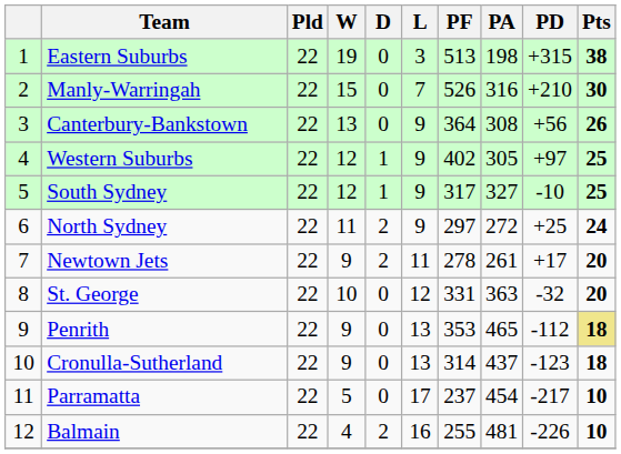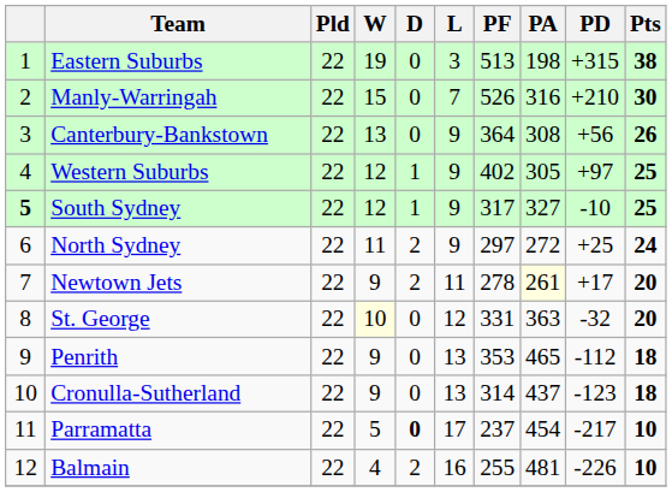 <table class="wikitable" style="text-align:center;">
 <tr>
 <th width=20 abbr="Position×"></th>
 <th width=175>Team</th>
 <th width=20 abbr="Played">Pld</th>
 <th width=20 abbr="Won">W</th>
 <th width=20 abbr="Drawn">D</th>
 <th width=20 abbr="Lost">L</th>
 <th width=20 abbr="Points for">PF</th>
 <th width=20 abbr="Points against">PA</th>
 <th width=20 abbr="Points difference">PD</th>
 <th width=20 abbr="Points">Pts</th>
 </tr>
 <tr style="background: #ccffcc;">
 <td>1</td>
 <td style="text-align:left;"> <a href='#'>Eastern Suburbs</a></td>
 <td>22</td>
 <td>19</td>
 <td>0</td>
 <td>3</td>
 <td>513</td>
 <td>198</td>
 <td>+315</td>
 <td><strong>38</strong></td>
 </tr>
 <tr style="background: #ccffcc;">
 <td>2</td>
 <td style="text-align:left;"> <a href='#'>Manly-Warringah</a></td>
 <td>22</td>
 <td>15</td>
 <td>0</td>
 <td>7</td>
 <td>526</td>
 <td>316</td>
 <td>+210</td>
 <td><strong>30</strong></td>
 </tr>
 <tr style="background: #ccffcc;">
 <td>3</td>
 <td style="text-align:left;"> <a href='#'>Canterbury-Bankstown</a></td>
 <td>22</td>
 <td>13</td>
 <td>0</td>
 <td>9</td>
 <td>364</td>
 <td>308</td>
 <td>+56</td>
 <td><strong>26</strong></td>
 </tr>
 <tr style="background: #ccffcc;">
 <td>4</td>
 <td style="text-align:left;"> <a href='#'>Western Suburbs</a></td>
 <td>22</td>
 <td>12</td>
 <td>1</td>
 <td>9</td>
 <td>402</td>
 <td>305</td>
 <td>+97</td>
 <td><strong>25</strong></td>
 </tr>
 <tr style="background: #ccffcc;">
-<td>5</td>
+<td><strong>5</strong></td>
 <td style="text-align:left;"> <a href='#'>South Sydney</a></td>
 <td>22</td>
 <td>12</td>
 <td>1</td>
 <td>9</td>
 <td>317</td>
 <td>327</td>
 <td>-10</td>
 <td><strong>25</strong></td>
 </tr>
 <tr>
 <td>6</td>
 <td style="text-align:left;"> <a href='#'>North Sydney</a></td>
 <td>22</td>
 <td>11</td>
 <td>2</td>
 <td>9</td>
 <td>297</td>
 <td>272</td>
 <td>+25</td>
 <td><strong>24</strong></td>
 </tr>
 <tr>
 <td>7</td>
 <td style="text-align:left;"> <a href='#'>Newtown Jets</a></td>
 <td>22</td>
 <td>9</td>
 <td>2</td>
 <td>11</td>
 <td>278</td>
-<td>261</td>
+<td style="background: lightyellow;">261</td>
 <td>+17</td>
 <td><strong>20</strong></td>
 </tr>
 <tr>
 <td>8</td>
 <td style="text-align:left;"> <a href='#'>St. George</a></td>
 <td>22</td>
-<td>10</td>
+<td style="background: lightyellow;">10</td>
 <td>0</td>
 <td>12</td>
 <td>331</td>
 <td>363</td>
 <td>-32</td>
 <td><strong>20</strong></td>
 </tr>
 <tr>
 <td>9</td>
 <td style="text-align:left;"> <a href='#'>Penrith</a></td>
 <td>22</td>
 <td>9</td>
 <td>0</td>
 <td>13</td>
 <td>353</td>
 <td>465</td>
 <td>-112</td>
-<td style="background: khaki;"><strong>18</strong></td>
+<td><strong>18</strong></td>
 </tr>
 <tr>
 <td>10</td>
 <td style="text-align:left;"> <a href='#'>Cronulla-Sutherland</a></td>
 <td>22</td>
 <td>9</td>
 <td>0</td>
 <td>13</td>
 <td>314</td>
 <td>437</td>
 <td>-123</td>
 <td><strong>18</strong></td>
 </tr>
 <tr>
 <td>11</td>
 <td style="text-align:left;"> <a href='#'>Parramatta</a></td>
 <td>22</td>
 <td>5</td>
-<td>0</td>
+<td><strong>0</strong></td>
 <td>17</td>
 <td>237</td>
 <td>454</td>
 <td>-217</td>
 <td><strong>10</strong></td>
 </tr>
 <tr>
 <td>12</td>
 <td style="text-align:left;"> <a href='#'>Balmain</a></td>
 <td>22</td>
 <td>4</td>
 <td>2</td>
 <td>16</td>
 <td>255</td>
 <td>481</td>
 <td>-226</td>
 <td><strong>10</strong></td>
 </tr>
 <tr>
 </tr>
 </table>
